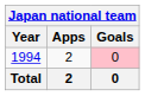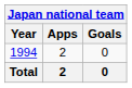 <table class="wikitable" style="text-align:center">
 <tr>
 <th colspan=3><a href='#'>Japan national team</a></th>
 </tr>
 <tr>
 <th>Year</th>
 <th>Apps</th>
 <th>Goals</th>
 </tr>
 <tr>
 <td><a href='#'>1994</a></td>
 <td>2</td>
-<td style="background: pink;">0</td>
+<td>0</td>
 </tr>
 <tr>
 <th>Total</th>
 <th>2</th>
 <th>0</th>
 </tr>
 </table>
